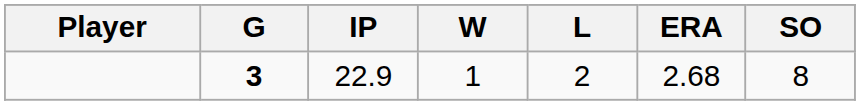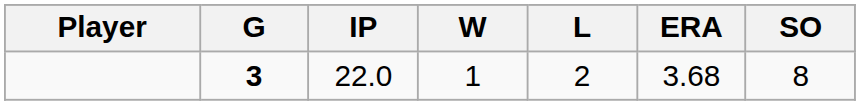 <table class="wikitable sortable">
 <tr>
 <th bgcolor="#DDDDFF" width="16%">Player</th>
 <th bgcolor="#DDDDFF" width="9%">G</th>
 <th bgcolor="#DDDDFF" width="9%">IP</th>
 <th bgcolor="#DDDDFF" width="9%">W</th>
 <th bgcolor="#DDDDFF" width="9%">L</th>
 <th bgcolor="#DDDDFF" width="9%">ERA</th>
 <th bgcolor="#DDDDFF" width="9%">SO</th>
 </tr>
 <tr align="center">
 <td></td>
 <td><strong>3</strong></td>
-<td>22.9</td>
+<td>22.0</td>
 <td>1</td>
 <td>2</td>
-<td>2.68</td>
+<td>3.68</td>
 <td>8</td>
 </tr>
 </table>
